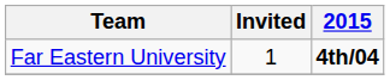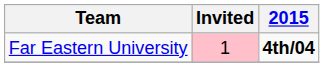 <table class="wikitable" style="text-align: center">
 <tr>
 <th>Team</th>
 <th>Invited</th>
 <th><a href='#'>2015</a></th>
 </tr>
 <tr>
 <td><a href='#'>Far Eastern University</a></td>
-<td>1</td>
+<td style="background: pink;">1</td>
 <td><strong>4th/04</strong></td>
 </tr>
 <tr>
 </tr>
 </table>
